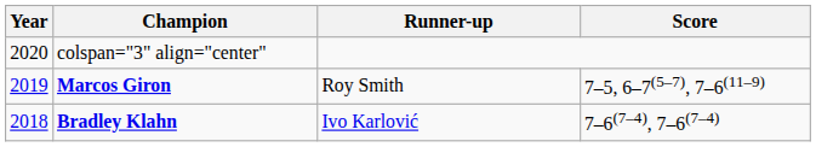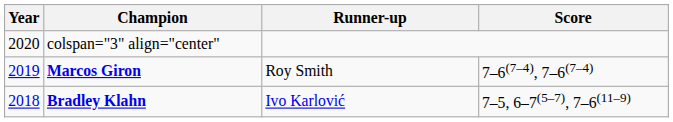 <table class="wikitable" style="font-size:90%">
 <tr>
 <th>Year</th>
 <th width="200">Champion</th>
 <th width="200">Runner-up</th>
 <th width="175">Score</th>
 </tr>
 <tr>
 <td>2020</td>
 <td>colspan="3" align="center" </td>
 </tr>
 <tr>
 <td><a href='#'>2019</a></td>
 <td> <strong><a href='#'>Marcos Giron</a></strong></td>
 <td> Roy Smith</td>
-<td>7–5, 6–7<sup>(5–7)</sup>, 7–6<sup>(11–9)</sup></td>
+<td>7–6<sup>(7–4)</sup>, 7–6<sup>(7–4)</sup></td>
 </tr>
 <tr>
 <td><a href='#'>2018</a></td>
 <td> <strong><a href='#'>Bradley Klahn</a></strong></td>
 <td> <a href='#'>Ivo Karlović</a></td>
-<td>7–6<sup>(7–4)</sup>, 7–6<sup>(7–4)</sup></td>
+<td>7–5, 6–7<sup>(5–7)</sup>, 7–6<sup>(11–9)</sup></td>
 </tr>
 </table>
